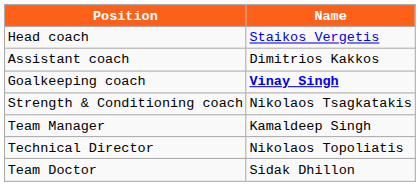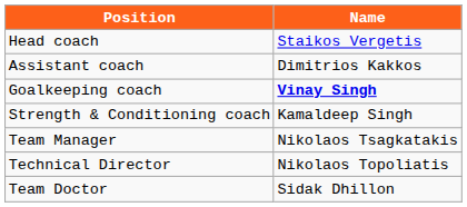 <table class="wikitable">
 <tr>
 <th style="background:#FD6019; color:#FFFFFF;">Position</th>
 <th style="background:#FD6019; color:#FFFFFF;">Name</th>
 </tr>
 <tr>
 <td>Head coach</td>
 <td> <a href='#'>Staikos Vergetis</a></td>
 </tr>
 <tr>
 <td>Assistant coach</td>
 <td> Dimitrios Kakkos</td>
 </tr>
 <tr>
 <td>Goalkeeping coach</td>
 <td><strong> <a href='#'>Vinay Singh</a></strong></td>
 </tr>
 <tr>
 <td>Strength & Conditioning coach</td>
-<td> Nikolaos Tsagkatakis</td>
+<td> Kamaldeep Singh</td>
 </tr>
 <tr>
 <td>Team Manager</td>
-<td> Kamaldeep Singh</td>
+<td> Nikolaos Tsagkatakis</td>
 </tr>
 <tr>
 <td>Technical Director</td>
 <td> Nikolaos Topoliatis</td>
 </tr>
 <tr>
 <td>Team Doctor</td>
 <td> Sidak Dhillon</td>
 </tr>
 </table>
